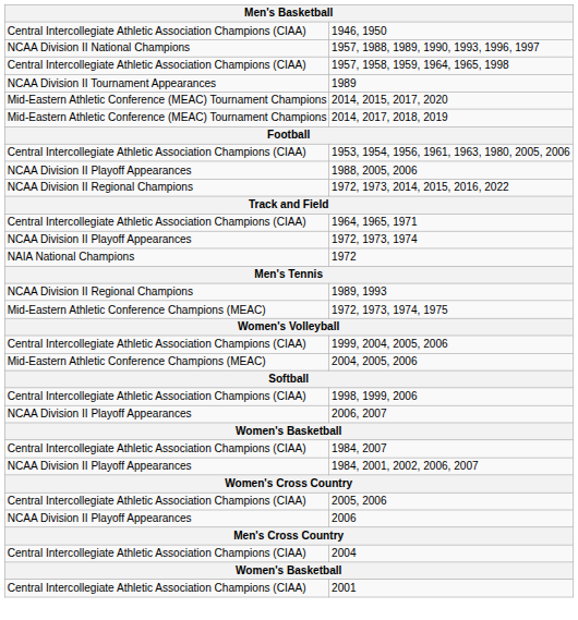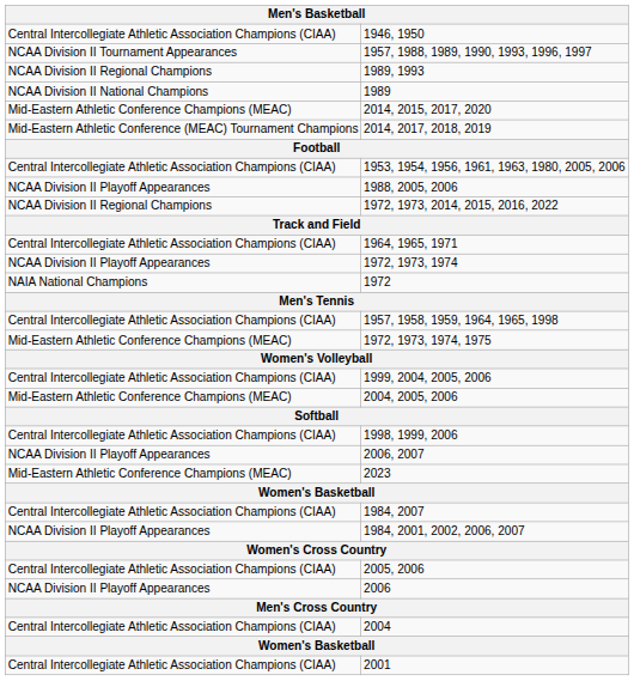 <table class="wikitable" style= "font-size: %">
 <tr>
 <th colspan="2">Men's Basketball</th>
 </tr>
 <tr>
 <td>Central Intercollegiate Athletic Association Champions (CIAA)</td>
 <td>1946, 1950</td>
 </tr>
 <tr>
-<td>NCAA Division II National Champions</td>
+<td>NCAA Division II Tournament Appearances</td>
 <td>1957, 1988, 1989, 1990, 1993, 1996, 1997</td>
 </tr>
 <tr>
-<td>Central Intercollegiate Athletic Association Champions (CIAA)</td>
-<td>1957, 1958, 1959, 1964, 1965, 1998</td>
+<td>NCAA Division II Regional Champions</td>
+<td>1989, 1993</td>
 </tr>
 <tr>
-<td>NCAA Division II Tournament Appearances</td>
+<td>NCAA Division II National Champions</td>
 <td>1989</td>
 </tr>
 <tr>
-<td>Mid-Eastern Athletic Conference (MEAC) Tournament Champions</td>
+<td>Mid-Eastern Athletic Conference Champions (MEAC)</td>
 <td>2014, 2015, 2017, 2020</td>
 </tr>
 <tr>
 <td>Mid-Eastern Athletic Conference (MEAC) Tournament Champions</td>
 <td>2014, 2017, 2018, 2019</td>
 </tr>
 <tr>
 <th colspan="2">Football</th>
 </tr>
 <tr>
 <td>Central Intercollegiate Athletic Association Champions (CIAA)</td>
 <td>1953, 1954, 1956, 1961, 1963, 1980, 2005, 2006</td>
 </tr>
 <tr>
 <td>NCAA Division II Playoff Appearances</td>
 <td>1988, 2005, 2006</td>
 </tr>
 <tr>
 <td>NCAA Division II Regional Champions</td>
 <td>1972, 1973, 2014, 2015, 2016, 2022</td>
 </tr>
 <tr>
 <th colspan="2">Track and Field</th>
 </tr>
 <tr>
 <td>Central Intercollegiate Athletic Association Champions (CIAA)</td>
 <td>1964, 1965, 1971</td>
 </tr>
 <tr>
 <td>NCAA Division II Playoff Appearances</td>
 <td>1972, 1973, 1974</td>
 </tr>
 <tr>
 <td>NAIA National Champions</td>
 <td>1972</td>
 </tr>
 <tr>
 <th colspan="2">Men's Tennis</th>
 </tr>
 <tr>
-<td>NCAA Division II Regional Champions</td>
-<td>1989, 1993</td>
+<td>Central Intercollegiate Athletic Association Champions (CIAA)</td>
+<td>1957, 1958, 1959, 1964, 1965, 1998</td>
 </tr>
 <tr>
 <td>Mid-Eastern Athletic Conference Champions (MEAC)</td>
 <td>1972, 1973, 1974, 1975</td>
 </tr>
 <tr>
 <th colspan="2">Women's Volleyball</th>
 </tr>
 <tr>
 <td>Central Intercollegiate Athletic Association Champions (CIAA)</td>
 <td>1999, 2004, 2005, 2006</td>
 </tr>
 <tr>
 <td>Mid-Eastern Athletic Conference Champions (MEAC)</td>
 <td>2004, 2005, 2006</td>
 </tr>
 <tr>
 <th colspan="2">Softball</th>
 </tr>
 <tr>
 <td>Central Intercollegiate Athletic Association Champions (CIAA)</td>
 <td>1998, 1999, 2006</td>
 </tr>
 <tr>
 <td>NCAA Division II Playoff Appearances</td>
 <td>2006, 2007</td>
+</tr>
+<tr>
+<td>Mid-Eastern Athletic Conference Champions (MEAC)</td>
+<td>2023</td>
 </tr>
 <tr>
 <th colspan="2">Women's Basketball</th>
 </tr>
 <tr>
 <td>Central Intercollegiate Athletic Association Champions (CIAA)</td>
 <td>1984, 2007</td>
 </tr>
 <tr>
 <td>NCAA Division II Playoff Appearances</td>
 <td>1984, 2001, 2002, 2006, 2007</td>
 </tr>
 <tr>
 <th colspan="2">Women's Cross Country</th>
 </tr>
 <tr>
 <td>Central Intercollegiate Athletic Association Champions (CIAA)</td>
 <td>2005, 2006</td>
 </tr>
 <tr>
 <td>NCAA Division II Playoff Appearances</td>
 <td>2006</td>
 </tr>
 <tr>
 <th colspan="2">Men's Cross Country</th>
 </tr>
 <tr>
 <td>Central Intercollegiate Athletic Association Champions (CIAA)</td>
 <td>2004</td>
 </tr>
 <tr>
 <th colspan="2">Women's Basketball</th>
 </tr>
 <tr>
 <td>Central Intercollegiate Athletic Association Champions (CIAA)</td>
 <td>2001</td>
 </tr>
 </table>
